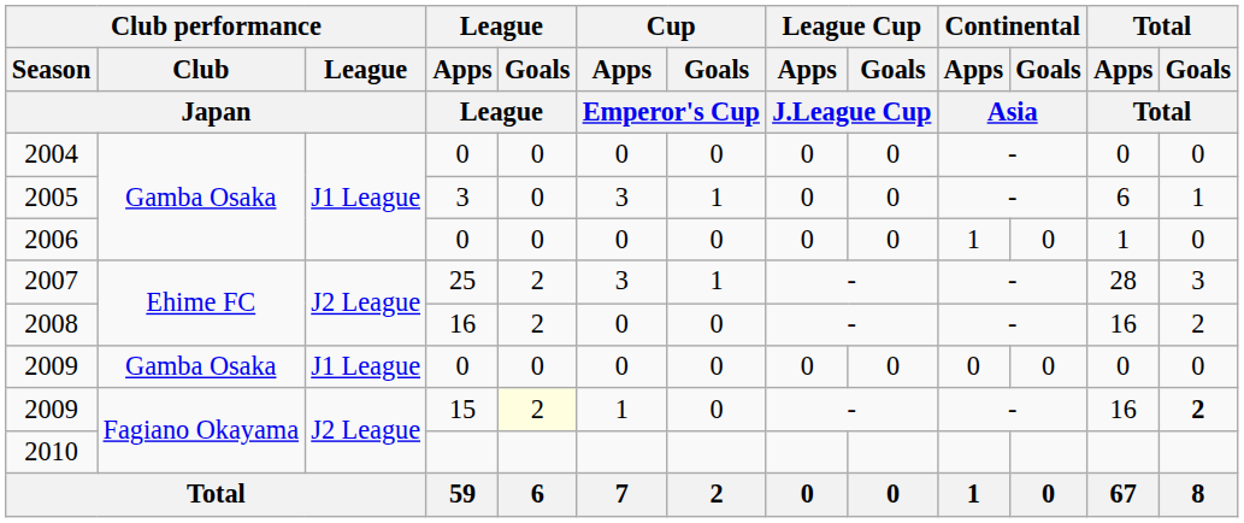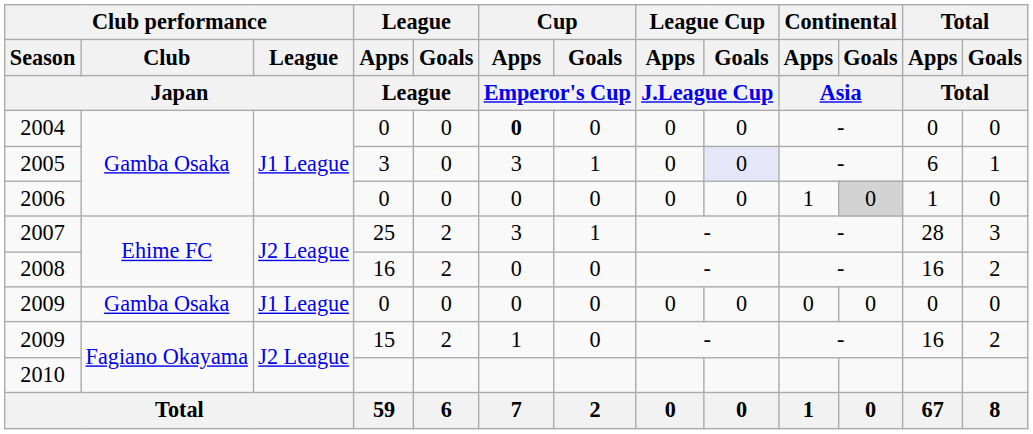 <table class="wikitable" style="text-align:center;">
 <tr>
 <th colspan=3>Club performance</th>
 <th colspan=2>League</th>
 <th colspan=2>Cup</th>
 <th colspan=2>League Cup</th>
 <th colspan=2>Continental</th>
 <th colspan=2>Total</th>
 </tr>
 <tr>
 <th>Season</th>
 <th>Club</th>
 <th>League</th>
 <th>Apps</th>
 <th>Goals</th>
 <th>Apps</th>
 <th>Goals</th>
 <th>Apps</th>
 <th>Goals</th>
 <th>Apps</th>
 <th>Goals</th>
 <th>Apps</th>
 <th>Goals</th>
 </tr>
 <tr>
 <th colspan=3>Japan</th>
 <th colspan=2>League</th>
 <th colspan=2><a href='#'>Emperor's Cup</a></th>
 <th colspan=2><a href='#'>J.League Cup</a></th>
 <th colspan=2><a href='#'>Asia</a></th>
 <th colspan=2>Total</th>
 </tr>
 <tr>
 <td>2004</td>
 <td rowspan="3"><a href='#'>Gamba Osaka</a></td>
 <td rowspan="3"><a href='#'>J1 League</a></td>
 <td>0</td>
 <td>0</td>
-<td>0</td>
+<td><strong>0</strong></td>
 <td>0</td>
 <td>0</td>
 <td>0</td>
 <td colspan="2">-</td>
 <td>0</td>
 <td>0</td>
 </tr>
 <tr>
 <td>2005</td>
 <td>3</td>
 <td>0</td>
 <td>3</td>
 <td>1</td>
 <td>0</td>
-<td>0</td>
+<td style="background: lavender;">0</td>
 <td colspan="2">-</td>
 <td>6</td>
 <td>1</td>
 </tr>
 <tr>
 <td>2006</td>
 <td>0</td>
 <td>0</td>
 <td>0</td>
 <td>0</td>
 <td>0</td>
 <td>0</td>
 <td>1</td>
-<td>0</td>
+<td style="background: lightgrey;">0</td>
 <td>1</td>
 <td>0</td>
 </tr>
 <tr>
 <td>2007</td>
 <td rowspan="2"><a href='#'>Ehime FC</a></td>
 <td rowspan="2"><a href='#'>J2 League</a></td>
 <td>25</td>
 <td>2</td>
 <td>3</td>
 <td>1</td>
 <td colspan="2">-</td>
 <td colspan="2">-</td>
 <td>28</td>
 <td>3</td>
 </tr>
 <tr>
 <td>2008</td>
 <td>16</td>
 <td>2</td>
 <td>0</td>
 <td>0</td>
 <td colspan="2">-</td>
 <td colspan="2">-</td>
 <td>16</td>
 <td>2</td>
 </tr>
 <tr>
 <td>2009</td>
 <td><a href='#'>Gamba Osaka</a></td>
 <td><a href='#'>J1 League</a></td>
 <td>0</td>
 <td>0</td>
 <td>0</td>
 <td>0</td>
 <td>0</td>
 <td>0</td>
 <td>0</td>
 <td>0</td>
 <td>0</td>
 <td>0</td>
 </tr>
 <tr>
 <td>2009</td>
 <td rowspan="2"><a href='#'>Fagiano Okayama</a></td>
 <td rowspan="2"><a href='#'>J2 League</a></td>
 <td>15</td>
-<td style="background: lightyellow;">2</td>
+<td>2</td>
 <td>1</td>
 <td>0</td>
 <td colspan="2">-</td>
 <td colspan="2">-</td>
 <td>16</td>
-<td><strong>2</strong></td>
+<td>2</td>
 </tr>
 <tr>
 <td>2010</td>
 <td></td>
 <td></td>
 <td></td>
 <td></td>
 <td></td>
 <td></td>
 <td></td>
 <td></td>
 <td></td>
 <td></td>
 </tr>
 <tr>
 <th colspan=3>Total</th>
 <th>59</th>
 <th>6</th>
 <th>7</th>
 <th>2</th>
 <th>0</th>
 <th>0</th>
 <th>1</th>
 <th>0</th>
 <th>67</th>
 <th>8</th>
 </tr>
 </table>
